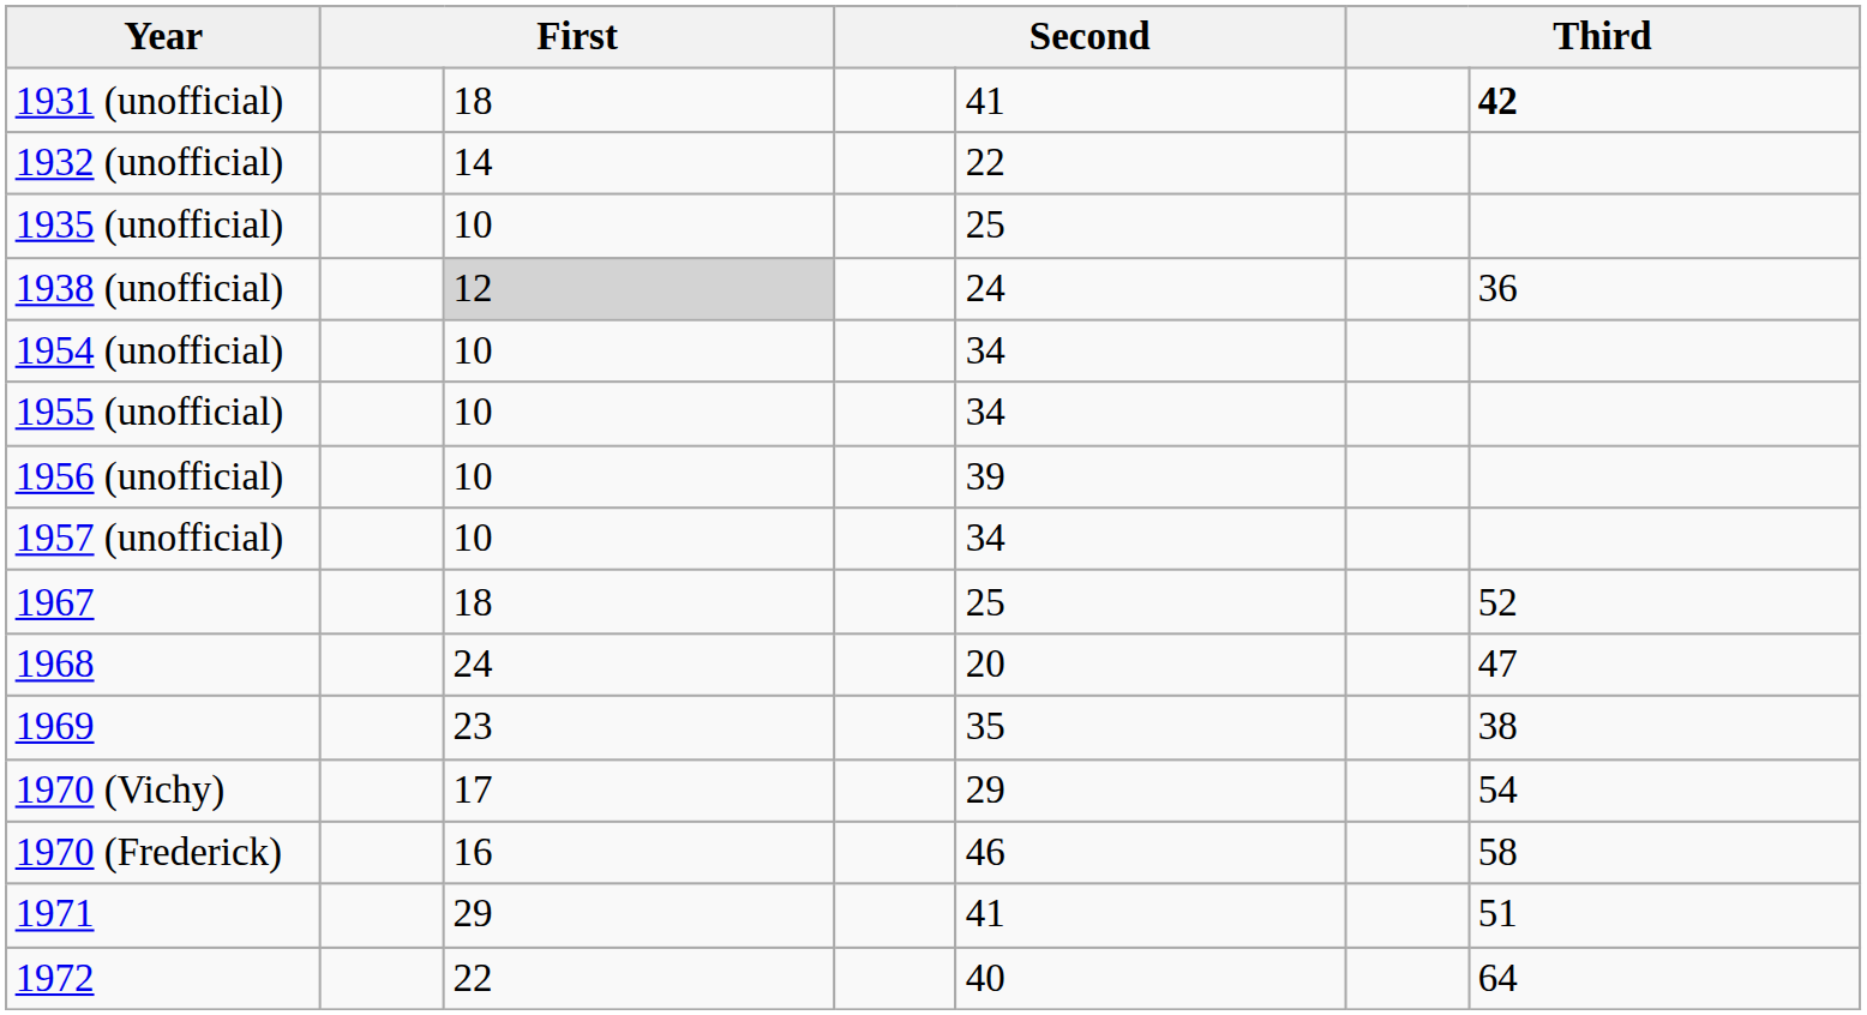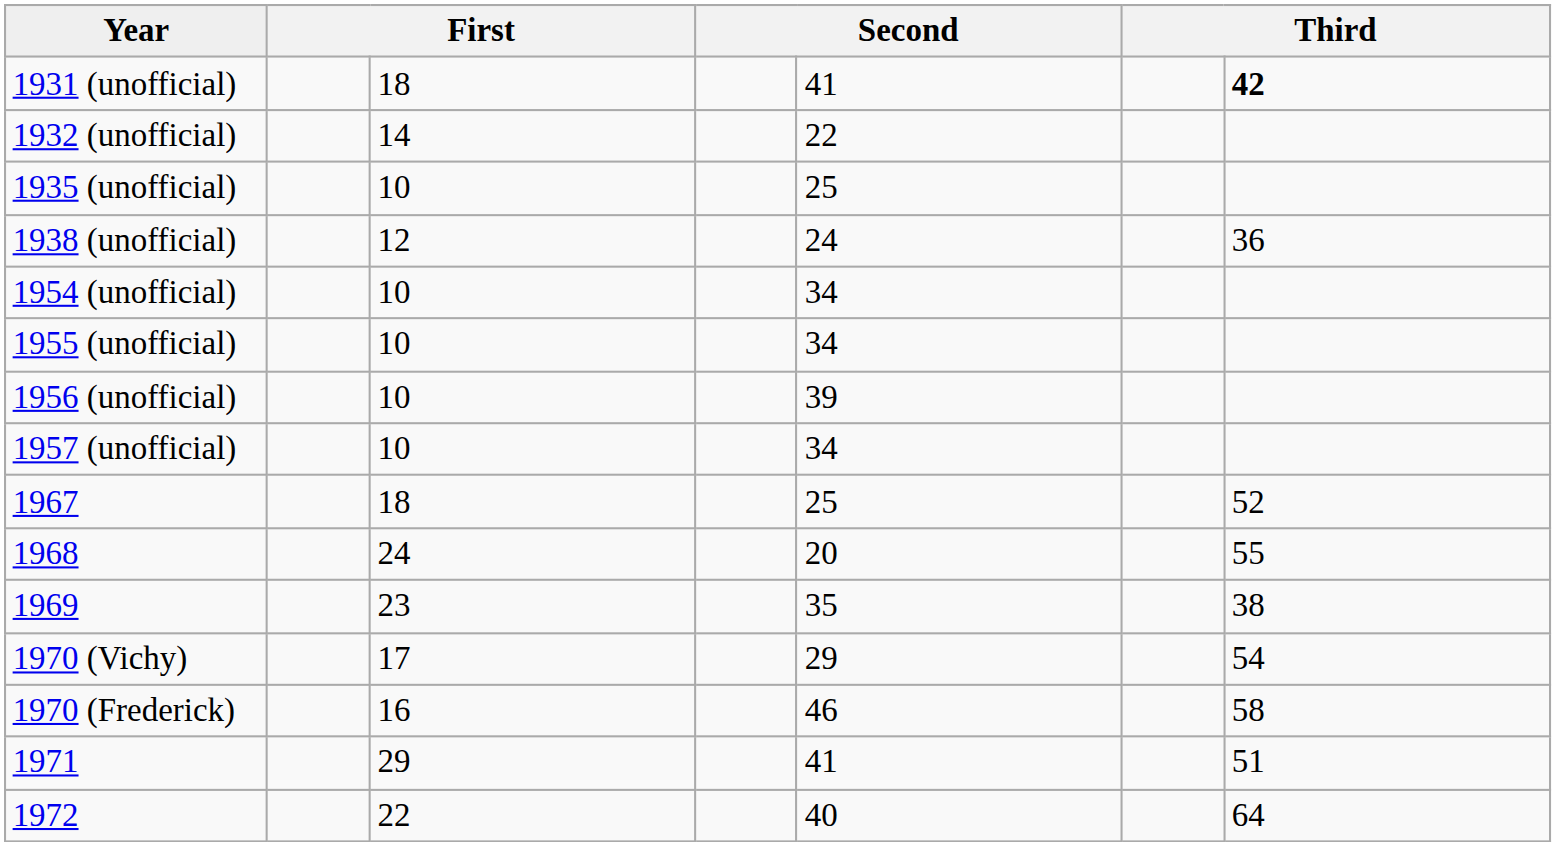 <table class="wikitable" border="1" style="font-size:100%">
 <tr align=center>
 <th scope=col style="width:120px; background: #efefef;">Year</th>
 <th scope=col colspan=2 style="width:200px;"> First</th>
 <th scope=col colspan=2 style="width:200px;"> Second</th>
 <th scope=col colspan=2 style="width:200px;"> Third</th>
 </tr>
 <tr>
 <td><a href='#'>1931</a> (unofficial)</td>
 <td></td>
 <td>18</td>
 <td></td>
 <td>41</td>
 <td></td>
 <td><strong>42</strong></td>
 </tr>
 <tr>
 <td><a href='#'>1932</a> (unofficial)</td>
 <td></td>
 <td>14</td>
 <td></td>
 <td>22</td>
 <td></td>
 <td></td>
 </tr>
 <tr>
 <td><a href='#'>1935</a> (unofficial)</td>
 <td></td>
 <td>10</td>
 <td></td>
 <td>25</td>
 <td></td>
 <td></td>
 </tr>
 <tr>
 <td><a href='#'>1938</a> (unofficial)</td>
 <td></td>
-<td style="background: lightgrey;">12</td>
+<td>12</td>
 <td></td>
 <td>24</td>
 <td></td>
 <td>36</td>
 </tr>
 <tr>
 <td><a href='#'>1954</a> (unofficial)</td>
 <td></td>
 <td>10</td>
 <td></td>
 <td>34</td>
 <td></td>
 <td></td>
 </tr>
 <tr>
 <td><a href='#'>1955</a> (unofficial)</td>
 <td></td>
 <td>10</td>
 <td></td>
 <td>34</td>
 <td></td>
 <td></td>
 </tr>
 <tr>
 <td><a href='#'>1956</a> (unofficial)</td>
 <td></td>
 <td>10</td>
 <td></td>
 <td>39</td>
 <td></td>
 <td></td>
 </tr>
 <tr>
 <td><a href='#'>1957</a> (unofficial)</td>
 <td></td>
 <td>10</td>
 <td></td>
 <td>34</td>
 <td></td>
 <td></td>
 </tr>
 <tr>
 <td><a href='#'>1967</a></td>
 <td></td>
 <td>18</td>
 <td></td>
 <td>25</td>
 <td></td>
 <td>52</td>
 </tr>
 <tr>
 <td><a href='#'>1968</a></td>
 <td></td>
 <td>24</td>
 <td></td>
 <td>20</td>
 <td></td>
-<td>47</td>
+<td>55</td>
 </tr>
 <tr>
 <td><a href='#'>1969</a></td>
 <td></td>
 <td>23</td>
 <td></td>
 <td>35</td>
 <td></td>
 <td>38</td>
 </tr>
 <tr>
 <td><a href='#'>1970</a> (Vichy)</td>
 <td></td>
 <td>17</td>
 <td></td>
 <td>29</td>
 <td></td>
 <td>54</td>
 </tr>
 <tr>
 <td><a href='#'>1970</a> (Frederick)</td>
 <td></td>
 <td>16</td>
 <td></td>
 <td>46</td>
 <td></td>
 <td>58</td>
 </tr>
 <tr>
 <td><a href='#'>1971</a></td>
 <td></td>
 <td>29</td>
 <td></td>
 <td>41</td>
 <td></td>
 <td>51</td>
 </tr>
 <tr>
 <td><a href='#'>1972</a></td>
 <td></td>
 <td>22</td>
 <td></td>
 <td>40</td>
 <td></td>
 <td>64</td>
 </tr>
 </table>
